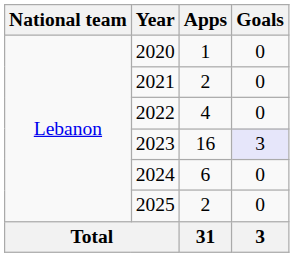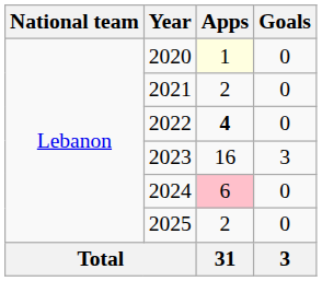 <table class="wikitable" style="text-align:center">
 <tr>
 <th>National team</th>
 <th>Year</th>
 <th>Apps</th>
 <th>Goals</th>
 </tr>
 <tr>
 <td rowspan="6"><a href='#'>Lebanon</a></td>
 <td>2020</td>
-<td>1</td>
+<td style="background: lightyellow;">1</td>
 <td>0</td>
 </tr>
 <tr>
 <td>2021</td>
 <td>2</td>
 <td>0</td>
 </tr>
 <tr>
 <td>2022</td>
-<td>4</td>
+<td><strong>4</strong></td>
 <td>0</td>
 </tr>
 <tr>
 <td>2023</td>
 <td>16</td>
-<td style="background: lavender;">3</td>
+<td>3</td>
 </tr>
 <tr>
 <td>2024</td>
-<td>6</td>
+<td style="background: pink;">6</td>
 <td>0</td>
 </tr>
 <tr>
 <td>2025</td>
 <td>2</td>
 <td>0</td>
 </tr>
 <tr>
 <th colspan="2">Total</th>
 <th>31</th>
 <th>3</th>
 </tr>
 </table>
